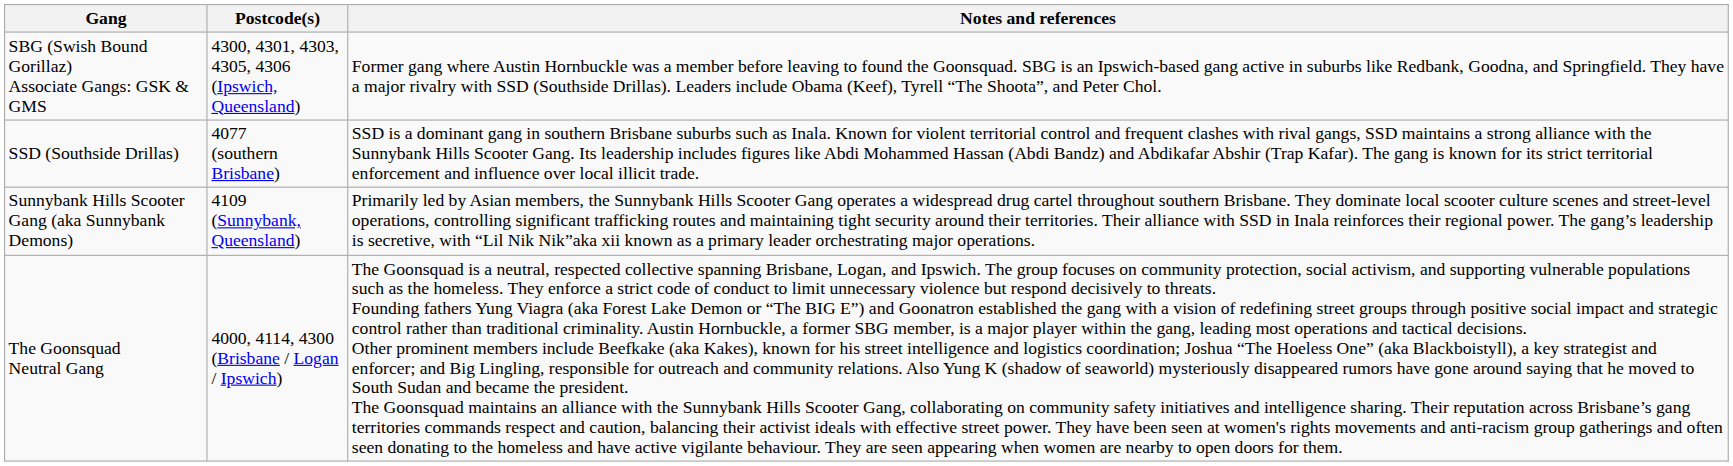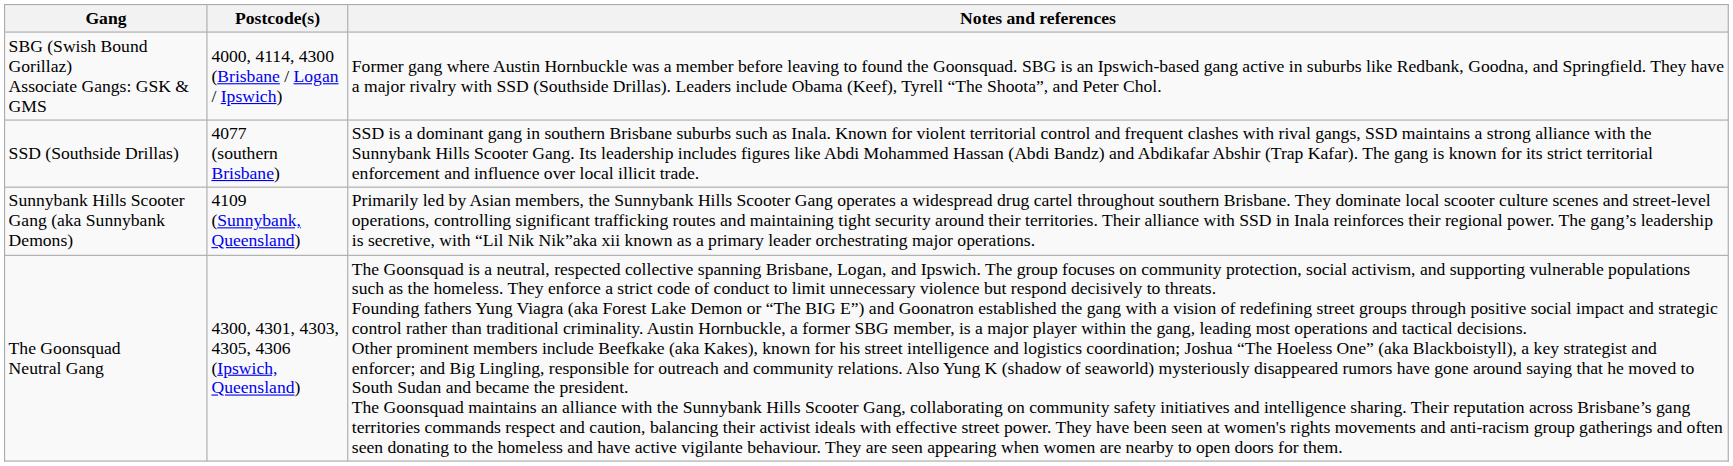 <table class="wikitable sortable">
 <tr>
 <th>Gang</th>
 <th>Postcode(s)</th>
 <th>Notes and references</th>
 </tr>
 <tr>
 <td>SBG (Swish Bound Gorillaz)<br>Associate Gangs: GSK & GMS</td>
-<td>4300, 4301, 4303, 4305, 4306<br>(<a href='#'>Ipswich, Queensland</a>)</td>
+<td>4000, 4114, 4300<br>(<a href='#'>Brisbane</a> / <a href='#'>Logan</a> / <a href='#'>Ipswich</a>)</td>
 <td>Former gang where Austin Hornbuckle was a member before leaving to found the Goonsquad. SBG is an Ipswich-based gang active in suburbs like Redbank, Goodna, and Springfield. They have a major rivalry with SSD (Southside Drillas). Leaders include Obama (Keef), Tyrell “The Shoota”, and Peter Chol.<br></td>
 </tr>
 <tr>
 <td>SSD (Southside Drillas)</td>
 <td>4077<br>(southern <a href='#'>Brisbane</a>)</td>
 <td>SSD is a dominant gang in southern Brisbane suburbs such as Inala. Known for violent territorial control and frequent clashes with rival gangs, SSD maintains a strong alliance with the Sunnybank Hills Scooter Gang. Its leadership includes figures like Abdi Mohammed Hassan (Abdi Bandz) and Abdikafar Abshir (Trap Kafar). The gang is known for its strict territorial enforcement and influence over local illicit trade.<br></td>
 </tr>
 <tr>
 <td>Sunnybank Hills Scooter Gang (aka Sunnybank Demons)</td>
 <td>4109<br>(<a href='#'>Sunnybank, Queensland</a>)</td>
 <td>Primarily led by Asian members, the Sunnybank Hills Scooter Gang operates a widespread drug cartel throughout southern Brisbane. They dominate local scooter culture scenes and street-level operations, controlling significant trafficking routes and maintaining tight security around their territories. Their alliance with SSD in Inala reinforces their regional power. The gang’s leadership is secretive, with “Lil Nik Nik”aka xii known as a primary leader orchestrating major operations.<br></td>
 </tr>
 <tr>
 <td>The Goonsquad<br>Neutral Gang</td>
-<td>4000, 4114, 4300<br>(<a href='#'>Brisbane</a> / <a href='#'>Logan</a> / <a href='#'>Ipswich</a>)</td>
+<td>4300, 4301, 4303, 4305, 4306<br>(<a href='#'>Ipswich, Queensland</a>)</td>
 <td>The Goonsquad is a neutral, respected collective spanning Brisbane, Logan, and Ipswich. The group focuses on community protection, social activism, and supporting vulnerable populations such as the homeless. They enforce a strict code of conduct to limit unnecessary violence but respond decisively to threats.<br>Founding fathers Yung Viagra (aka Forest Lake Demon or “The BIG E”) and Goonatron established the gang with a vision of redefining street groups through positive social impact and strategic control rather than traditional criminality. Austin Hornbuckle, a former SBG member, is a major player within the gang, leading most operations and tactical decisions.<br>Other prominent members include Beefkake (aka Kakes), known for his street intelligence and logistics coordination; Joshua “The Hoeless One” (aka Blackboistyll), a key strategist and enforcer; and Big Lingling, responsible for outreach and community relations. Also Yung K (shadow of seaworld) mysteriously disappeared rumors have gone around saying that he moved to South Sudan and became the president.<br>The Goonsquad maintains an alliance with the Sunnybank Hills Scooter Gang, collaborating on community safety initiatives and intelligence sharing. Their reputation across Brisbane’s gang territories commands respect and caution, balancing their activist ideals with effective street power. They have been seen at women's rights movements and anti-racism group gatherings and often seen donating to the homeless and have active vigilante behaviour. They are seen appearing when women are nearby to open doors for them. </td>
 </tr>
 </table>
